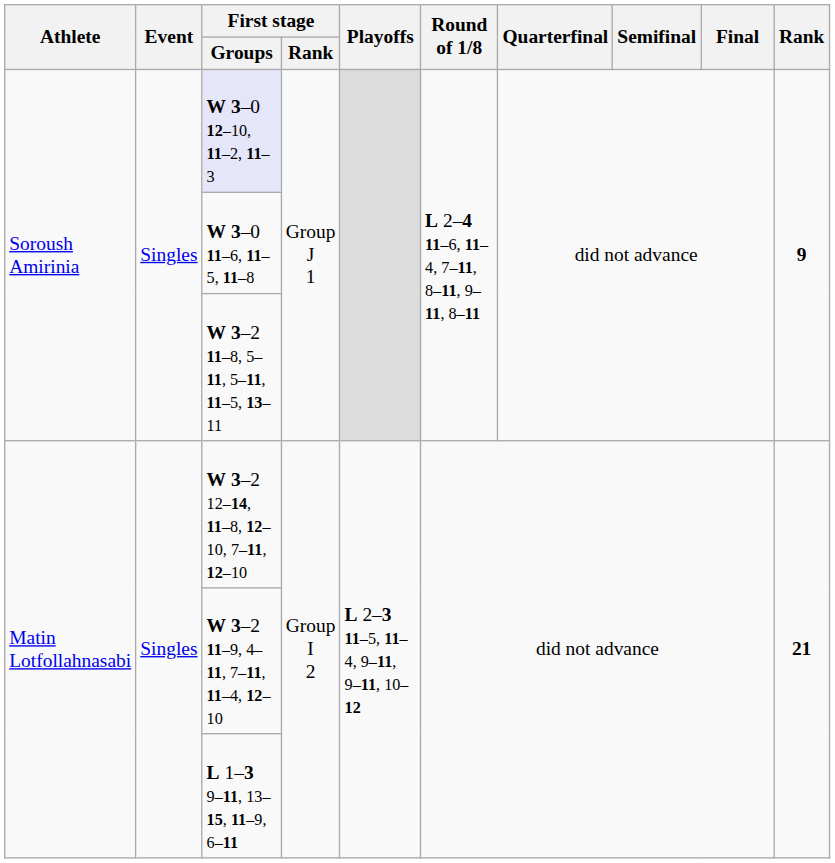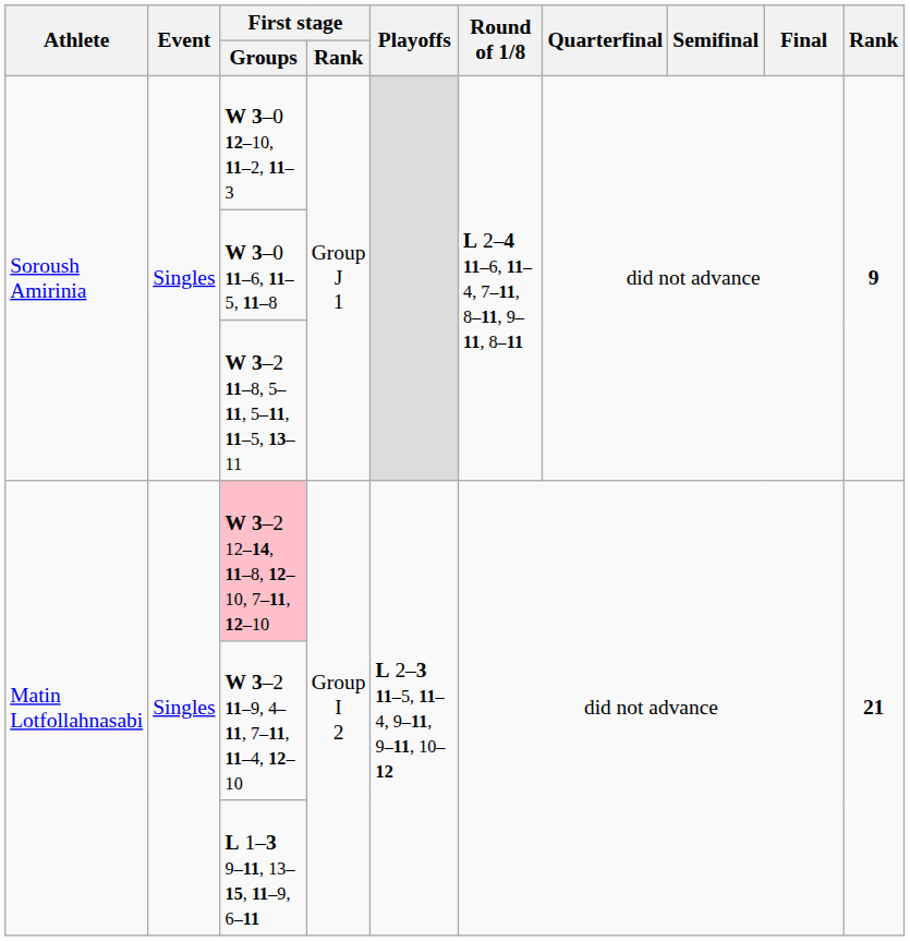 <table class="wikitable" width="98%" style="text-align:left; font-size:90%">
 <tr>
 <th rowspan="2" width="10%">Athlete</th>
 <th rowspan="2" width="6%">Event</th>
 <th colspan="2">First stage</th>
 <th rowspan="2" width="10%">Playoffs</th>
 <th rowspan="2" width="10%">Round of 1/8</th>
 <th rowspan="2" width="10%">Quarterfinal</th>
 <th rowspan="2" width="10%">Semifinal</th>
 <th rowspan="2" width="10%">Final</th>
 <th rowspan="2" width="4%">Rank</th>
 </tr>
 <tr>
 <th width="10%">Groups</th>
 <th width="4%">Rank</th>
 </tr>
 <tr>
 <td rowspan="3"><a href='#'>Soroush Amirinia</a></td>
 <td rowspan="3"><a href='#'>Singles</a></td>
-<td style="background: lavender;"><br><strong>W</strong> <strong>3</strong>–0<br><small><strong>12</strong>–10, <strong>11</strong>–2, <strong>11</strong>–3</small></td>
+<td><br><strong>W</strong> <strong>3</strong>–0<br><small><strong>12</strong>–10, <strong>11</strong>–2, <strong>11</strong>–3</small></td>
 <td rowspan="3" align=center>Group J<br>1 <strong></strong></td>
 <td rowspan="3" bgcolor=#DCDCDC></td>
 <td rowspan="3"><br><strong>L</strong> 2–<strong>4</strong><br><small><strong>11</strong>–6, <strong>11</strong>–4, 7–<strong>11</strong>, 8–<strong>11</strong>, 9–<strong>11</strong>, 8–<strong>11</strong></small></td>
 <td rowspan="3" colspan="3" align="center">did not advance</td>
 <td rowspan="3" align="center"><strong>9</strong></td>
 </tr>
 <tr>
 <td><br><strong>W</strong> <strong>3</strong>–0<br><small><strong>11</strong>–6, <strong>11</strong>–5, <strong>11</strong>–8</small></td>
 </tr>
 <tr>
 <td><br><strong>W</strong> <strong>3</strong>–2<br><small><strong>11</strong>–8, 5–<strong>11</strong>, 5–<strong>11</strong>, <strong>11</strong>–5, <strong>13</strong>–11</small></td>
 </tr>
 <tr>
 <td rowspan="3"><a href='#'>Matin Lotfollahnasabi</a></td>
 <td rowspan="3"><a href='#'>Singles</a></td>
-<td><br><strong>W</strong> <strong>3</strong>–2<br><small>12–<strong>14</strong>, <strong>11</strong>–8, <strong>12</strong>–10, 7–<strong>11</strong>, <strong>12</strong>–10</small></td>
+<td style="background: pink;"><br><strong>W</strong> <strong>3</strong>–2<br><small>12–<strong>14</strong>, <strong>11</strong>–8, <strong>12</strong>–10, 7–<strong>11</strong>, <strong>12</strong>–10</small></td>
 <td rowspan="3" align=center>Group I<br>2 <strong></strong></td>
 <td rowspan="3"><br><strong>L</strong> 2–<strong>3</strong><br><small><strong>11</strong>–5, <strong>11</strong>–4, 9–<strong>11</strong>, 9–<strong>11</strong>, 10–<strong>12</strong></small></td>
 <td rowspan="3" colspan="4" align="center">did not advance</td>
 <td rowspan="3" align="center"><strong>21</strong></td>
 </tr>
 <tr>
 <td><br><strong>W</strong> <strong>3</strong>–2<br><small><strong>11</strong>–9, 4–<strong>11</strong>, 7–<strong>11</strong>, <strong>11</strong>–4, <strong>12</strong>–10</small></td>
 </tr>
 <tr>
 <td><br><strong>L</strong> 1–<strong>3</strong><br><small>9–<strong>11</strong>, 13–<strong>15</strong>, <strong>11</strong>–9, 6–<strong>11</strong></small></td>
 </tr>
 </table>
